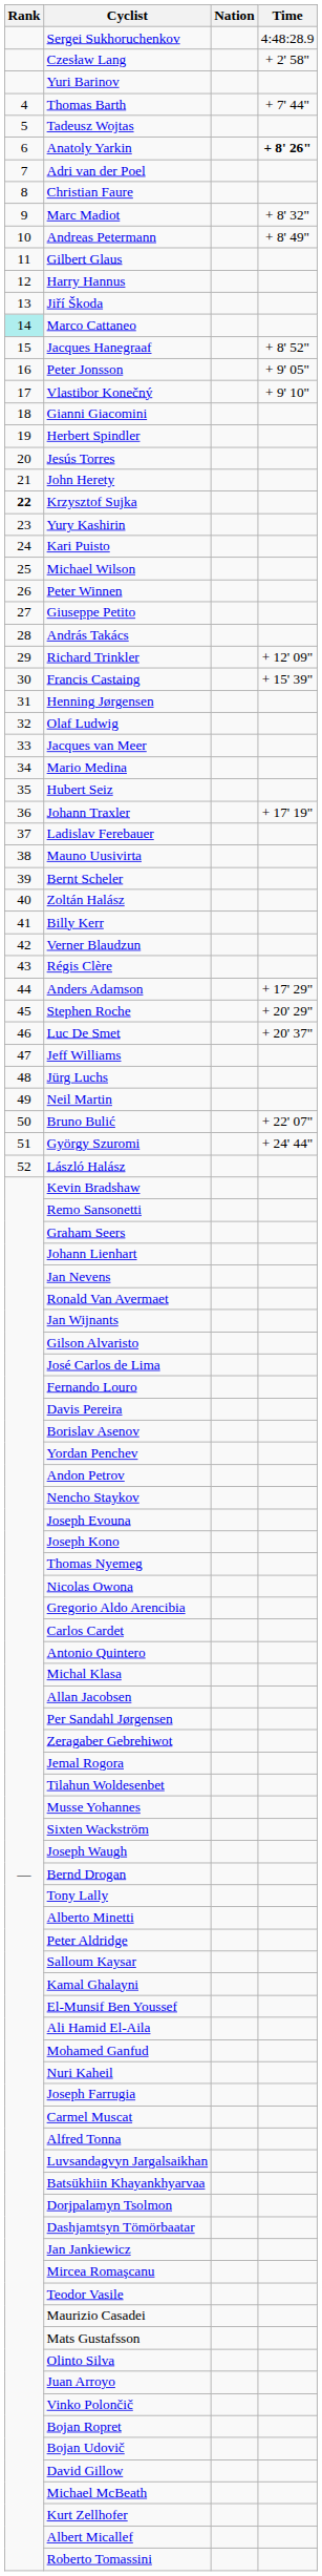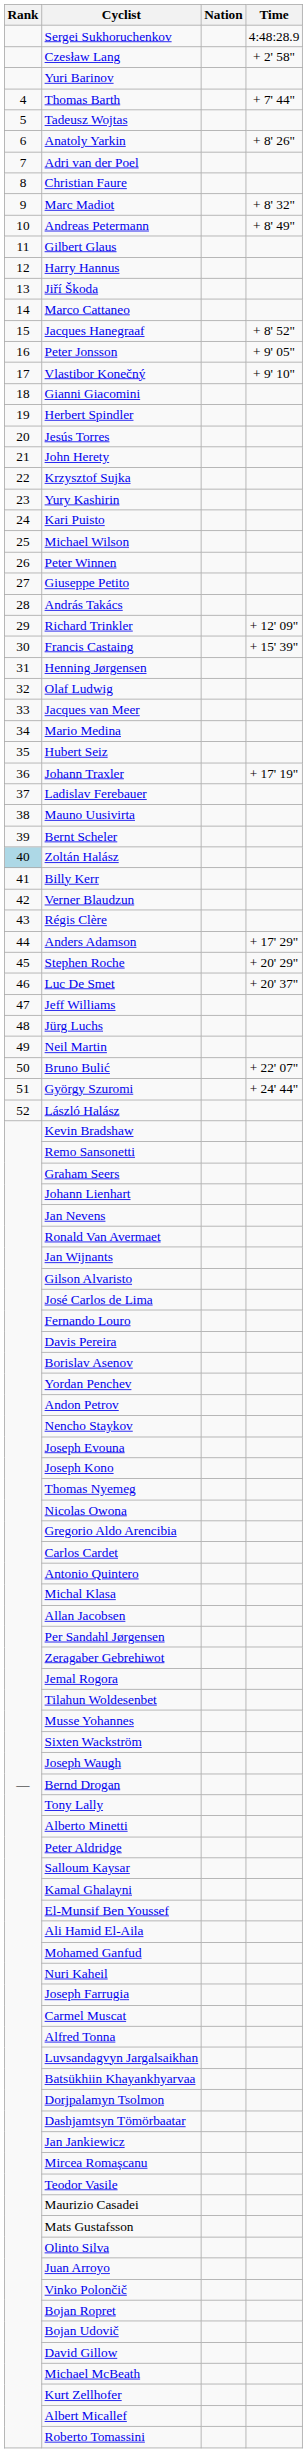 <table class="wikitable sortable" style="text-align:center">
 <tr>
 <th>Rank</th>
 <th>Cyclist</th>
 <th>Nation</th>
 <th>Time</th>
 </tr>
 <tr>
 <td></td>
 <td align=left><a href='#'>Sergei Sukhoruchenkov</a></td>
 <td align=left></td>
 <td>4:48:28.9</td>
 </tr>
 <tr>
 <td></td>
 <td align=left><a href='#'>Czesław Lang</a></td>
 <td align=left></td>
 <td data-sort-value=4:51:26.9>+ 2' 58"</td>
 </tr>
 <tr>
 <td></td>
 <td align=left><a href='#'>Yuri Barinov</a></td>
 <td align=left></td>
 <td data-sort-value=4:51:26.9></td>
 </tr>
 <tr>
 <td>4</td>
 <td align=left><a href='#'>Thomas Barth</a></td>
 <td align=left></td>
 <td data-sort-value=4:56:12.9>+ 7' 44"</td>
 </tr>
 <tr>
 <td>5</td>
 <td align=left><a href='#'>Tadeusz Wojtas</a></td>
 <td align=left></td>
 <td data-sort-value=4:56:12.9></td>
 </tr>
 <tr>
 <td>6</td>
 <td align=left><a href='#'>Anatoly Yarkin</a></td>
 <td align=left></td>
-<td data-sort-value=4:56:54.9><strong>+ 8' 26"</strong></td>
+<td data-sort-value=4:56:54.9>+ 8' 26"</td>
 </tr>
 <tr>
 <td>7</td>
 <td align=left><a href='#'>Adri van der Poel</a></td>
 <td align=left></td>
 <td data-sort-value=4:56:54.9></td>
 </tr>
 <tr>
 <td>8</td>
 <td align=left><a href='#'>Christian Faure</a></td>
 <td align=left></td>
 <td data-sort-value=4:56:54.9></td>
 </tr>
 <tr>
 <td>9</td>
 <td align=left><a href='#'>Marc Madiot</a></td>
 <td align=left></td>
 <td data-sort-value=4:57:00.9>+ 8' 32"</td>
 </tr>
 <tr>
 <td>10</td>
 <td align=left><a href='#'>Andreas Petermann</a></td>
 <td align=left></td>
 <td data-sort-value=4:57:17.9>+ 8' 49"</td>
 </tr>
 <tr>
 <td>11</td>
 <td align=left><a href='#'>Gilbert Glaus</a></td>
 <td align=left></td>
 <td data-sort-value=4:57:17.9></td>
 </tr>
 <tr>
 <td>12</td>
 <td align=left><a href='#'>Harry Hannus</a></td>
 <td align=left></td>
 <td data-sort-value=4:57:17.9></td>
 </tr>
 <tr>
 <td>13</td>
 <td align=left><a href='#'>Jiří Škoda</a></td>
 <td align=left></td>
 <td data-sort-value=4:57:17.9></td>
 </tr>
 <tr>
-<td style="background: paleturquoise;">14</td>
+<td>14</td>
 <td align=left><a href='#'>Marco Cattaneo</a></td>
 <td align=left></td>
 <td data-sort-value=4:57:17.9></td>
 </tr>
 <tr>
 <td>15</td>
 <td align=left><a href='#'>Jacques Hanegraaf</a></td>
 <td align=left></td>
 <td data-sort-value=4:57:20.9>+ 8' 52"</td>
 </tr>
 <tr>
 <td>16</td>
 <td align=left><a href='#'>Peter Jonsson</a></td>
 <td align=left></td>
 <td data-sort-value=4:57:33.9>+ 9' 05"</td>
 </tr>
 <tr>
 <td>17</td>
 <td align=left><a href='#'>Vlastibor Konečný</a></td>
 <td align=left></td>
 <td data-sort-value=4:57:38.9>+ 9' 10"</td>
 </tr>
 <tr>
 <td>18</td>
 <td align=left><a href='#'>Gianni Giacomini</a></td>
 <td align=left></td>
 <td data-sort-value=4:57:38.9></td>
 </tr>
 <tr>
 <td>19</td>
 <td align=left><a href='#'>Herbert Spindler</a></td>
 <td align=left></td>
 <td data-sort-value=4:57:38.9></td>
 </tr>
 <tr>
 <td>20</td>
 <td align=left><a href='#'>Jesús Torres</a></td>
 <td align=left></td>
 <td data-sort-value=4:57:38.9></td>
 </tr>
 <tr>
 <td>21</td>
 <td align=left><a href='#'>John Herety</a></td>
 <td align=left></td>
 <td data-sort-value=4:57:38.9></td>
 </tr>
 <tr>
-<td><strong>22</strong></td>
+<td>22</td>
 <td align=left><a href='#'>Krzysztof Sujka</a></td>
 <td align=left></td>
 <td data-sort-value=4:57:38.9></td>
 </tr>
 <tr>
 <td>23</td>
 <td align=left><a href='#'>Yury Kashirin</a></td>
 <td align=left></td>
 <td data-sort-value=4:57:38.9></td>
 </tr>
 <tr>
 <td>24</td>
 <td align=left><a href='#'>Kari Puisto</a></td>
 <td align=left></td>
 <td data-sort-value=4:57:38.9></td>
 </tr>
 <tr>
 <td>25</td>
 <td align=left><a href='#'>Michael Wilson</a></td>
 <td align=left></td>
 <td data-sort-value=4:57:38.9></td>
 </tr>
 <tr>
 <td>26</td>
 <td align=left><a href='#'>Peter Winnen</a></td>
 <td align=left></td>
 <td data-sort-value=4:57:38.9></td>
 </tr>
 <tr>
 <td>27</td>
 <td align=left><a href='#'>Giuseppe Petito</a></td>
 <td align=left></td>
 <td data-sort-value=4:57:38.9></td>
 </tr>
 <tr>
 <td>28</td>
 <td align=left><a href='#'>András Takács</a></td>
 <td align=left></td>
 <td data-sort-value=4:57:38.9></td>
 </tr>
 <tr>
 <td>29</td>
 <td align=left><a href='#'>Richard Trinkler</a></td>
 <td align=left></td>
 <td data-sort-value=5:00:37.9>+ 12' 09"</td>
 </tr>
 <tr>
 <td>30</td>
 <td align=left><a href='#'>Francis Castaing</a></td>
 <td align=left></td>
 <td data-sort-value=5:04:07.9>+ 15' 39"</td>
 </tr>
 <tr>
 <td>31</td>
 <td align=left><a href='#'>Henning Jørgensen</a></td>
 <td align=left></td>
 <td data-sort-value=5:04:07.9></td>
 </tr>
 <tr>
 <td>32</td>
 <td align=left><a href='#'>Olaf Ludwig</a></td>
 <td align=left></td>
 <td data-sort-value=5:04:07.9></td>
 </tr>
 <tr>
 <td>33</td>
 <td align=left><a href='#'>Jacques van Meer</a></td>
 <td align=left></td>
 <td data-sort-value=5:04:07.9></td>
 </tr>
 <tr>
 <td>34</td>
 <td align=left><a href='#'>Mario Medina</a></td>
 <td align=left></td>
 <td data-sort-value=5:04:07.9></td>
 </tr>
 <tr>
 <td>35</td>
 <td align=left><a href='#'>Hubert Seiz</a></td>
 <td align=left></td>
 <td data-sort-value=5:04:07.9></td>
 </tr>
 <tr>
 <td>36</td>
 <td align=left><a href='#'>Johann Traxler</a></td>
 <td align=left></td>
 <td data-sort-value=5:05:47.9>+ 17' 19"</td>
 </tr>
 <tr>
 <td>37</td>
 <td align=left><a href='#'>Ladislav Ferebauer</a></td>
 <td align=left></td>
 <td data-sort-value=5:05:47.9></td>
 </tr>
 <tr>
 <td>38</td>
 <td align=left><a href='#'>Mauno Uusivirta</a></td>
 <td align=left></td>
 <td data-sort-value=5:05:47.9></td>
 </tr>
 <tr>
 <td>39</td>
 <td align=left><a href='#'>Bernt Scheler</a></td>
 <td align=left></td>
 <td data-sort-value=5:05:47.9></td>
 </tr>
 <tr>
-<td>40</td>
+<td style="background: lightblue;">40</td>
 <td align=left><a href='#'>Zoltán Halász</a></td>
 <td align=left></td>
 <td data-sort-value=5:05:47.9></td>
 </tr>
 <tr>
 <td>41</td>
 <td align=left><a href='#'>Billy Kerr</a></td>
 <td align=left></td>
 <td data-sort-value=5:05:47.9></td>
 </tr>
 <tr>
 <td>42</td>
 <td align=left><a href='#'>Verner Blaudzun</a></td>
 <td align=left></td>
 <td data-sort-value=5:05:47.9></td>
 </tr>
 <tr>
 <td>43</td>
 <td align=left><a href='#'>Régis Clère</a></td>
 <td align=left></td>
 <td data-sort-value=5:05:47.9></td>
 </tr>
 <tr>
 <td>44</td>
 <td align=left><a href='#'>Anders Adamson</a></td>
 <td align=left></td>
 <td data-sort-value=5:05:57.9>+ 17' 29"</td>
 </tr>
 <tr>
 <td>45</td>
 <td align=left><a href='#'>Stephen Roche</a></td>
 <td align=left></td>
 <td data-sort-value=5:08:57.9>+ 20' 29"</td>
 </tr>
 <tr>
 <td>46</td>
 <td align=left><a href='#'>Luc De Smet</a></td>
 <td align=left></td>
 <td data-sort-value=5:05:55.9>+ 20' 37"</td>
 </tr>
 <tr>
 <td>47</td>
 <td align=left><a href='#'>Jeff Williams</a></td>
 <td align=left></td>
 <td data-sort-value=5:05:55.9></td>
 </tr>
 <tr>
 <td>48</td>
 <td align=left><a href='#'>Jürg Luchs</a></td>
 <td align=left></td>
 <td data-sort-value=5:05:55.9></td>
 </tr>
 <tr>
 <td>49</td>
 <td align=left><a href='#'>Neil Martin</a></td>
 <td align=left></td>
 <td data-sort-value=5:05:55.9></td>
 </tr>
 <tr>
 <td>50</td>
 <td align=left><a href='#'>Bruno Bulić</a></td>
 <td align=left></td>
 <td data-sort-value=5:10:35.9>+ 22' 07"</td>
 </tr>
 <tr>
 <td>51</td>
 <td align=left><a href='#'>György Szuromi</a></td>
 <td align=left></td>
 <td data-sort-value=5:13:12.9>+ 24' 44"</td>
 </tr>
 <tr>
 <td>52</td>
 <td align=left><a href='#'>László Halász</a></td>
 <td align=left></td>
 <td data-sort-value=5:13:12.9></td>
 </tr>
 <tr>
 <td rowspan=103 data-sort-value=53>—</td>
 <td align=left><a href='#'>Kevin Bradshaw</a></td>
 <td align=left></td>
 <td data-sort-value=9:99:99.9></td>
 </tr>
 <tr>
 <td align=left><a href='#'>Remo Sansonetti</a></td>
 <td align=left></td>
 <td data-sort-value=9:99:99.9></td>
 </tr>
 <tr>
 <td align=left><a href='#'>Graham Seers</a></td>
 <td align=left></td>
 <td data-sort-value=9:99:99.9></td>
 </tr>
 <tr>
 <td align=left><a href='#'>Johann Lienhart</a></td>
 <td align=left></td>
 <td data-sort-value=9:99:99.9></td>
 </tr>
 <tr>
 <td align=left><a href='#'>Jan Nevens</a></td>
 <td align=left></td>
 <td data-sort-value=9:99:99.9></td>
 </tr>
 <tr>
 <td align=left><a href='#'>Ronald Van Avermaet</a></td>
 <td align=left></td>
 <td data-sort-value=9:99:99.9></td>
 </tr>
 <tr>
 <td align=left><a href='#'>Jan Wijnants</a></td>
 <td align=left></td>
 <td data-sort-value=9:99:99.9></td>
 </tr>
 <tr>
 <td align=left><a href='#'>Gilson Alvaristo</a></td>
 <td align=left></td>
 <td data-sort-value=9:99:99.9></td>
 </tr>
 <tr>
 <td align=left><a href='#'>José Carlos de Lima</a></td>
 <td align=left></td>
 <td data-sort-value=9:99:99.9></td>
 </tr>
 <tr>
 <td align=left><a href='#'>Fernando Louro</a></td>
 <td align=left></td>
 <td data-sort-value=9:99:99.9></td>
 </tr>
 <tr>
 <td align=left><a href='#'>Davis Pereira</a></td>
 <td align=left></td>
 <td data-sort-value=9:99:99.9></td>
 </tr>
 <tr>
 <td align=left><a href='#'>Borislav Asenov</a></td>
 <td align=left></td>
 <td data-sort-value=9:99:99.9></td>
 </tr>
 <tr>
 <td align=left><a href='#'>Yordan Penchev</a></td>
 <td align=left></td>
 <td data-sort-value=9:99:99.9></td>
 </tr>
 <tr>
 <td align=left><a href='#'>Andon Petrov</a></td>
 <td align=left></td>
 <td data-sort-value=9:99:99.9></td>
 </tr>
 <tr>
 <td align=left><a href='#'>Nencho Staykov</a></td>
 <td align=left></td>
 <td data-sort-value=9:99:99.9></td>
 </tr>
 <tr>
 <td align=left><a href='#'>Joseph Evouna</a></td>
 <td align=left></td>
 <td data-sort-value=9:99:99.9></td>
 </tr>
 <tr>
 <td align=left><a href='#'>Joseph Kono</a></td>
 <td align=left></td>
 <td data-sort-value=9:99:99.9></td>
 </tr>
 <tr>
 <td align=left><a href='#'>Thomas Nyemeg</a></td>
 <td align=left></td>
 <td data-sort-value=9:99:99.9></td>
 </tr>
 <tr>
 <td align=left><a href='#'>Nicolas Owona</a></td>
 <td align=left></td>
 <td data-sort-value=9:99:99.9></td>
 </tr>
 <tr>
 <td align=left><a href='#'>Gregorio Aldo Arencibia</a></td>
 <td align=left></td>
 <td data-sort-value=9:99:99.9></td>
 </tr>
 <tr>
 <td align=left><a href='#'>Carlos Cardet</a></td>
 <td align=left></td>
 <td data-sort-value=9:99:99.9></td>
 </tr>
 <tr>
 <td align=left><a href='#'>Antonio Quintero</a></td>
 <td align=left></td>
 <td data-sort-value=9:99:99.9></td>
 </tr>
 <tr>
 <td align=left><a href='#'>Michal Klasa</a></td>
 <td align=left></td>
 <td data-sort-value=9:99:99.9></td>
 </tr>
 <tr>
 <td align=left><a href='#'>Allan Jacobsen</a></td>
 <td align=left></td>
 <td data-sort-value=9:99:99.9></td>
 </tr>
 <tr>
 <td align=left><a href='#'>Per Sandahl Jørgensen</a></td>
 <td align=left></td>
 <td data-sort-value=9:99:99.9></td>
 </tr>
 <tr>
 <td align=left><a href='#'>Zeragaber Gebrehiwot</a></td>
 <td align=left></td>
 <td data-sort-value=9:99:99.9></td>
 </tr>
 <tr>
 <td align=left><a href='#'>Jemal Rogora</a></td>
 <td align=left></td>
 <td data-sort-value=9:99:99.9></td>
 </tr>
 <tr>
 <td align=left><a href='#'>Tilahun Woldesenbet</a></td>
 <td align=left></td>
 <td data-sort-value=9:99:99.9></td>
 </tr>
 <tr>
 <td align=left><a href='#'>Musse Yohannes</a></td>
 <td align=left></td>
 <td data-sort-value=9:99:99.9></td>
 </tr>
 <tr>
 <td align=left><a href='#'>Sixten Wackström</a></td>
 <td align=left></td>
 <td data-sort-value=9:99:99.9></td>
 </tr>
 <tr>
 <td align=left><a href='#'>Joseph Waugh</a></td>
 <td align=left></td>
 <td data-sort-value=9:99:99.9></td>
 </tr>
 <tr>
 <td align=left><a href='#'>Bernd Drogan</a></td>
 <td align=left></td>
 <td data-sort-value=9:99:99.9></td>
 </tr>
 <tr>
 <td align=left><a href='#'>Tony Lally</a></td>
 <td align=left></td>
 <td data-sort-value=9:99:99.9></td>
 </tr>
 <tr>
 <td align=left><a href='#'>Alberto Minetti</a></td>
 <td align=left></td>
 <td data-sort-value=9:99:99.9></td>
 </tr>
 <tr>
 <td align=left><a href='#'>Peter Aldridge</a></td>
 <td align=left></td>
 <td data-sort-value=9:99:99.9></td>
 </tr>
 <tr>
 <td align=left><a href='#'>Salloum Kaysar</a></td>
 <td align=left></td>
 <td data-sort-value=9:99:99.9></td>
 </tr>
 <tr>
 <td align=left><a href='#'>Kamal Ghalayni</a></td>
 <td align=left></td>
 <td data-sort-value=9:99:99.9></td>
 </tr>
 <tr>
 <td align=left><a href='#'>El-Munsif Ben Youssef</a></td>
 <td align=left></td>
 <td data-sort-value=9:99:99.9></td>
 </tr>
 <tr>
 <td align=left><a href='#'>Ali Hamid El-Aila</a></td>
 <td align=left></td>
 <td data-sort-value=9:99:99.9></td>
 </tr>
 <tr>
 <td align=left><a href='#'>Mohamed Ganfud</a></td>
 <td align=left></td>
 <td data-sort-value=9:99:99.9></td>
 </tr>
 <tr>
 <td align=left><a href='#'>Nuri Kaheil</a></td>
 <td align=left></td>
 <td data-sort-value=9:99:99.9></td>
 </tr>
 <tr>
 <td align=left><a href='#'>Joseph Farrugia</a></td>
 <td align=left></td>
 <td data-sort-value=9:99:99.9></td>
 </tr>
 <tr>
 <td align=left><a href='#'>Carmel Muscat</a></td>
 <td align=left></td>
 <td data-sort-value=9:99:99.9></td>
 </tr>
 <tr>
 <td align=left><a href='#'>Alfred Tonna</a></td>
 <td align=left></td>
 <td data-sort-value=9:99:99.9></td>
 </tr>
 <tr>
 <td align=left><a href='#'>Luvsandagvyn Jargalsaikhan</a></td>
 <td align=left></td>
 <td data-sort-value=9:99:99.9></td>
 </tr>
 <tr>
 <td align=left><a href='#'>Batsükhiin Khayankhyarvaa</a></td>
 <td align=left></td>
 <td data-sort-value=9:99:99.9></td>
 </tr>
 <tr>
 <td align=left><a href='#'>Dorjpalamyn Tsolmon</a></td>
 <td align=left></td>
 <td data-sort-value=9:99:99.9></td>
 </tr>
 <tr>
 <td align=left><a href='#'>Dashjamtsyn Tömörbaatar</a></td>
 <td align=left></td>
 <td data-sort-value=9:99:99.9></td>
 </tr>
 <tr>
 <td align=left><a href='#'>Jan Jankiewicz</a></td>
 <td align=left></td>
 <td data-sort-value=9:99:99.9></td>
 </tr>
 <tr>
 <td align=left><a href='#'>Mircea Romaşcanu</a></td>
 <td align=left></td>
 <td data-sort-value=9:99:99.9></td>
 </tr>
 <tr>
 <td align=left><a href='#'>Teodor Vasile</a></td>
 <td align=left></td>
 <td data-sort-value=9:99:99.9></td>
 </tr>
 <tr>
 <td align=left>Maurizio Casadei</td>
 <td align=left></td>
 <td data-sort-value=9:99:99.9></td>
 </tr>
 <tr>
 <td align=left>Mats Gustafsson</td>
 <td align=left></td>
 <td data-sort-value=9:99:99.9></td>
 </tr>
 <tr>
 <td align=left><a href='#'>Olinto Silva</a></td>
 <td align=left></td>
 <td data-sort-value=9:99:99.9></td>
 </tr>
 <tr>
 <td align=left><a href='#'>Juan Arroyo</a></td>
 <td align=left></td>
 <td data-sort-value=9:99:99.9></td>
 </tr>
 <tr>
 <td align=left><a href='#'>Vinko Polončič</a></td>
 <td align=left></td>
 <td data-sort-value=9:99:99.9></td>
 </tr>
 <tr>
 <td align=left><a href='#'>Bojan Ropret</a></td>
 <td align=left></td>
 <td data-sort-value=9:99:99.9></td>
 </tr>
 <tr>
 <td align=left><a href='#'>Bojan Udovič</a></td>
 <td align=left></td>
 <td data-sort-value=9:99:99.9></td>
 </tr>
 <tr>
 <td align=left><a href='#'>David Gillow</a></td>
 <td align=left></td>
 <td data-sort-value=9:99:99.9></td>
 </tr>
 <tr>
 <td align=left><a href='#'>Michael McBeath</a></td>
 <td align=left></td>
 <td data-sort-value=9:99:99.9></td>
 </tr>
 <tr>
 <td align=left><a href='#'>Kurt Zellhofer</a></td>
 <td align=left></td>
 <td data-sort-value=9:99:99.9></td>
 </tr>
 <tr>
 <td align=left><a href='#'>Albert Micallef</a></td>
 <td align=left></td>
 <td data-sort-value=9:99:99.9></td>
 </tr>
 <tr>
 <td align=left><a href='#'>Roberto Tomassini</a></td>
 <td align=left></td>
 <td data-sort-value=9:99:99.9></td>
 </tr>
 </table>
